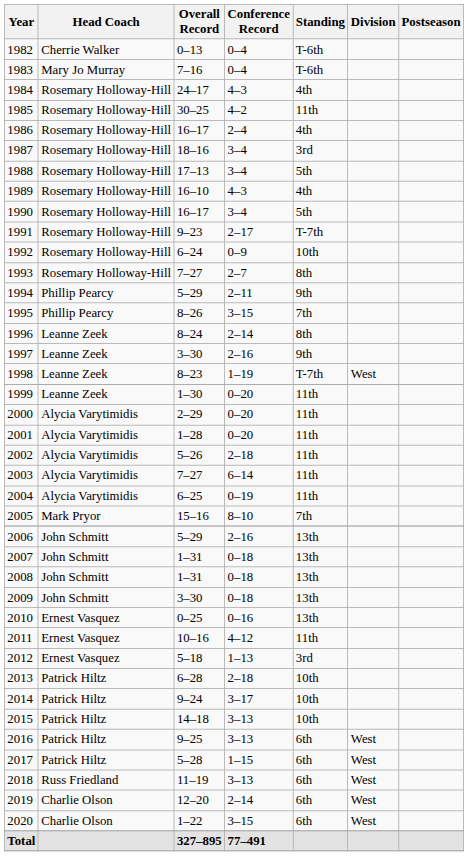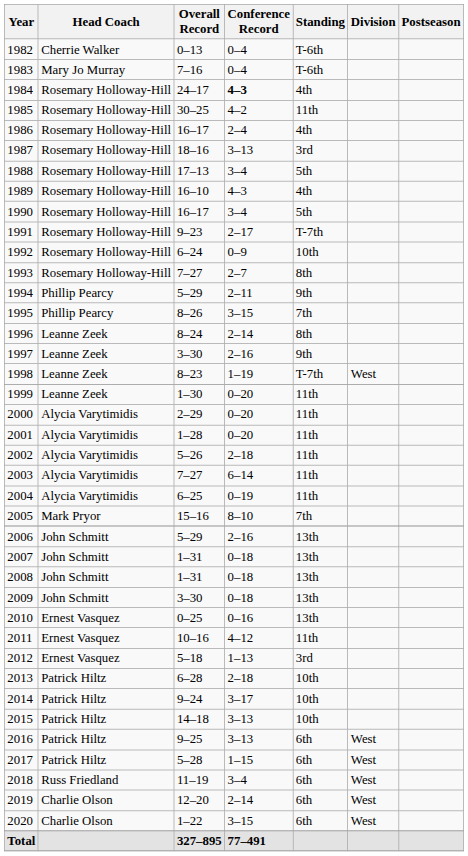 <table class="wikitable">
 <tr>
 <th>Year</th>
 <th>Head Coach</th>
 <th>Overall <br> Record</th>
 <th>Conference <br> Record</th>
 <th>Standing</th>
 <th>Division</th>
 <th>Postseason<br></th>
 </tr>
 <tr>
 <td>1982</td>
 <td>Cherrie Walker</td>
 <td>0–13</td>
 <td>0–4</td>
 <td>T-6th</td>
 <td></td>
 <td></td>
 </tr>
 <tr>
 <td>1983</td>
 <td>Mary Jo Murray</td>
 <td>7–16</td>
 <td>0–4</td>
 <td>T-6th</td>
 <td></td>
 <td></td>
 </tr>
 <tr>
 <td>1984</td>
 <td>Rosemary Holloway-Hill</td>
 <td>24–17</td>
-<td>4–3</td>
+<td><strong>4–3</strong></td>
 <td>4th</td>
 <td></td>
 <td></td>
 </tr>
 <tr>
 <td>1985</td>
 <td>Rosemary Holloway-Hill</td>
 <td>30–25</td>
 <td>4–2</td>
 <td>11th</td>
 <td></td>
 <td></td>
 </tr>
 <tr>
 <td>1986</td>
 <td>Rosemary Holloway-Hill</td>
 <td>16–17</td>
 <td>2–4</td>
 <td>4th</td>
 <td></td>
 <td></td>
 </tr>
 <tr>
 <td>1987</td>
 <td>Rosemary Holloway-Hill</td>
 <td>18–16</td>
-<td>3–4</td>
+<td>3–13</td>
 <td>3rd</td>
 <td></td>
 <td></td>
 </tr>
 <tr>
 <td>1988</td>
 <td>Rosemary Holloway-Hill</td>
 <td>17–13</td>
 <td>3–4</td>
 <td>5th</td>
 <td></td>
 <td></td>
 </tr>
 <tr>
 <td>1989</td>
 <td>Rosemary Holloway-Hill</td>
 <td>16–10</td>
 <td>4–3</td>
 <td>4th</td>
 <td></td>
 <td></td>
 </tr>
 <tr>
 <td>1990</td>
 <td>Rosemary Holloway-Hill</td>
 <td>16–17</td>
 <td>3–4</td>
 <td>5th</td>
 <td></td>
 <td></td>
 </tr>
 <tr>
 <td>1991</td>
 <td>Rosemary Holloway-Hill</td>
 <td>9–23</td>
 <td>2–17</td>
 <td>T-7th</td>
 <td></td>
 <td></td>
 </tr>
 <tr>
 <td>1992</td>
 <td>Rosemary Holloway-Hill</td>
 <td>6–24</td>
 <td>0–9</td>
 <td>10th</td>
 <td></td>
 <td></td>
 </tr>
 <tr>
 <td>1993</td>
 <td>Rosemary Holloway-Hill</td>
 <td>7–27</td>
 <td>2–7</td>
 <td>8th</td>
 <td></td>
 <td></td>
 </tr>
 <tr>
 <td>1994</td>
 <td>Phillip Pearcy</td>
 <td>5–29</td>
 <td>2–11</td>
 <td>9th</td>
 <td></td>
 <td></td>
 </tr>
 <tr>
 <td>1995</td>
 <td>Phillip Pearcy</td>
 <td>8–26</td>
 <td>3–15</td>
 <td>7th</td>
 <td></td>
 <td></td>
 </tr>
 <tr>
 <td>1996</td>
 <td>Leanne Zeek</td>
 <td>8–24</td>
 <td>2–14</td>
 <td>8th</td>
 <td></td>
 <td></td>
 </tr>
 <tr>
 <td>1997</td>
 <td>Leanne Zeek</td>
 <td>3–30</td>
 <td>2–16</td>
 <td>9th</td>
 <td></td>
 <td></td>
 </tr>
 <tr>
 <td>1998</td>
 <td>Leanne Zeek</td>
 <td>8–23</td>
 <td>1–19</td>
 <td>T-7th</td>
 <td>West</td>
 <td></td>
 </tr>
 <tr>
 </tr>
 <tr>
 <td>1999</td>
 <td>Leanne Zeek</td>
 <td>1–30</td>
 <td>0–20</td>
 <td>11th</td>
 <td></td>
 <td></td>
 </tr>
 <tr>
 <td>2000</td>
 <td>Alycia Varytimidis</td>
 <td>2–29</td>
 <td>0–20</td>
 <td>11th</td>
 <td></td>
 <td></td>
 </tr>
 <tr>
 <td>2001</td>
 <td>Alycia Varytimidis</td>
 <td>1–28</td>
 <td>0–20</td>
 <td>11th</td>
 <td></td>
 <td></td>
 </tr>
 <tr>
 <td>2002</td>
 <td>Alycia Varytimidis</td>
 <td>5–26</td>
 <td>2–18</td>
 <td>11th</td>
 <td></td>
 <td></td>
 </tr>
 <tr>
 <td>2003</td>
 <td>Alycia Varytimidis</td>
 <td>7–27</td>
 <td>6–14</td>
 <td>11th</td>
 <td></td>
 <td></td>
 </tr>
 <tr>
 <td>2004</td>
 <td>Alycia Varytimidis</td>
 <td>6–25</td>
 <td>0–19</td>
 <td>11th</td>
 <td></td>
 <td></td>
 </tr>
 <tr>
 <td>2005</td>
 <td>Mark Pryor</td>
 <td>15–16</td>
 <td>8–10</td>
 <td>7th</td>
 <td></td>
 <td></td>
 </tr>
 <tr>
 </tr>
 <tr>
 <td>2006</td>
 <td>John Schmitt</td>
 <td>5–29</td>
 <td>2–16</td>
 <td>13th</td>
 <td></td>
 <td></td>
 </tr>
 <tr>
 <td>2007</td>
 <td>John Schmitt</td>
 <td>1–31</td>
 <td>0–18</td>
 <td>13th</td>
 <td></td>
 <td></td>
 </tr>
 <tr>
 <td>2008</td>
 <td>John Schmitt</td>
 <td>1–31</td>
 <td>0–18</td>
 <td>13th</td>
 <td></td>
 <td></td>
 </tr>
 <tr>
 <td>2009</td>
 <td>John Schmitt</td>
 <td>3–30</td>
 <td>0–18</td>
 <td>13th</td>
 <td></td>
 <td></td>
 </tr>
 <tr>
 <td>2010</td>
 <td>Ernest Vasquez</td>
 <td>0–25</td>
 <td>0–16</td>
 <td>13th</td>
 <td></td>
 <td></td>
 </tr>
 <tr>
 <td>2011</td>
 <td>Ernest Vasquez</td>
 <td>10–16</td>
 <td>4–12</td>
 <td>11th</td>
 <td></td>
 <td></td>
 </tr>
 <tr>
 <td>2012</td>
 <td>Ernest Vasquez</td>
 <td>5–18</td>
 <td>1–13</td>
 <td>3rd</td>
 <td></td>
 <td></td>
 </tr>
 <tr>
 <td>2013</td>
 <td>Patrick Hiltz</td>
 <td>6–28</td>
 <td>2–18</td>
 <td>10th</td>
 <td></td>
 <td></td>
 </tr>
 <tr>
 <td>2014</td>
 <td>Patrick Hiltz</td>
 <td>9–24</td>
 <td>3–17</td>
 <td>10th</td>
 <td></td>
 <td></td>
 </tr>
 <tr>
 <td>2015</td>
 <td>Patrick Hiltz</td>
 <td>14–18</td>
 <td>3–13</td>
 <td>10th</td>
 <td></td>
 <td></td>
 </tr>
 <tr>
 <td>2016</td>
 <td>Patrick Hiltz</td>
 <td>9–25</td>
 <td>3–13</td>
 <td>6th</td>
 <td>West</td>
 <td></td>
 </tr>
 <tr>
 <td>2017</td>
 <td>Patrick Hiltz</td>
 <td>5–28</td>
 <td>1–15</td>
 <td>6th</td>
 <td>West</td>
 <td></td>
 </tr>
 <tr>
 <td>2018</td>
 <td>Russ Friedland</td>
 <td>11–19</td>
-<td>3–13</td>
+<td>3–4</td>
 <td>6th</td>
 <td>West</td>
 <td></td>
 </tr>
 <tr>
 <td>2019</td>
 <td>Charlie Olson</td>
 <td>12–20</td>
 <td>2–14</td>
 <td>6th</td>
 <td>West</td>
 <td></td>
 </tr>
 <tr>
 <td>2020</td>
 <td>Charlie Olson</td>
 <td>1–22</td>
 <td>3–15</td>
 <td>6th</td>
 <td>West</td>
 <td></td>
 </tr>
 <tr>
 </tr>
 <tr style="background: #e3e3e3;">
 <td><strong>Total</strong></td>
 <td></td>
 <td><strong>327–895</strong></td>
 <td><strong>77–491</strong></td>
 <td></td>
 <td></td>
 <td></td>
 </tr>
 <tr>
 </tr>
 </table>
